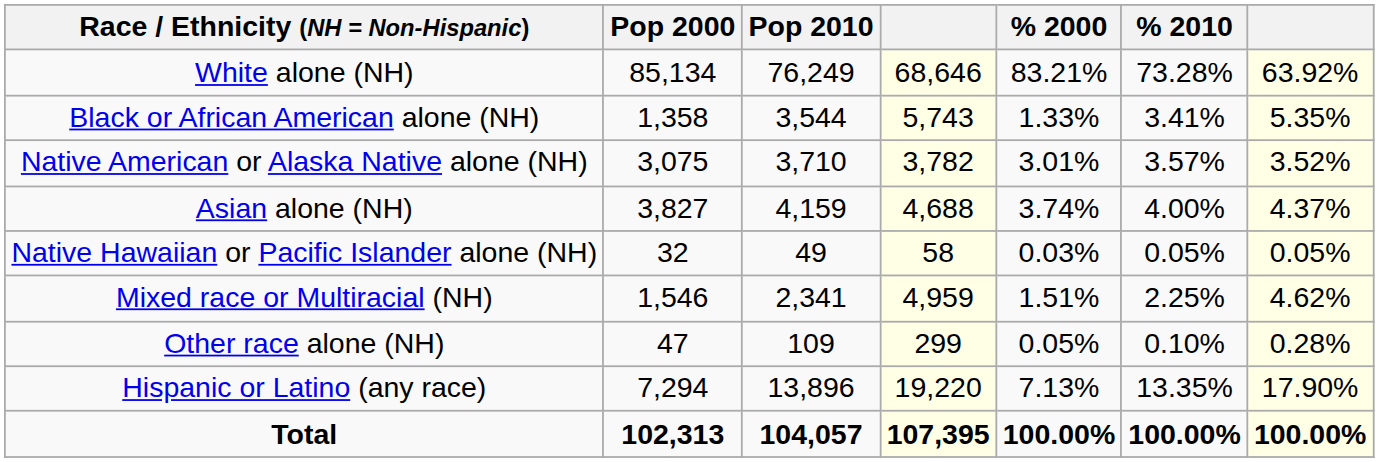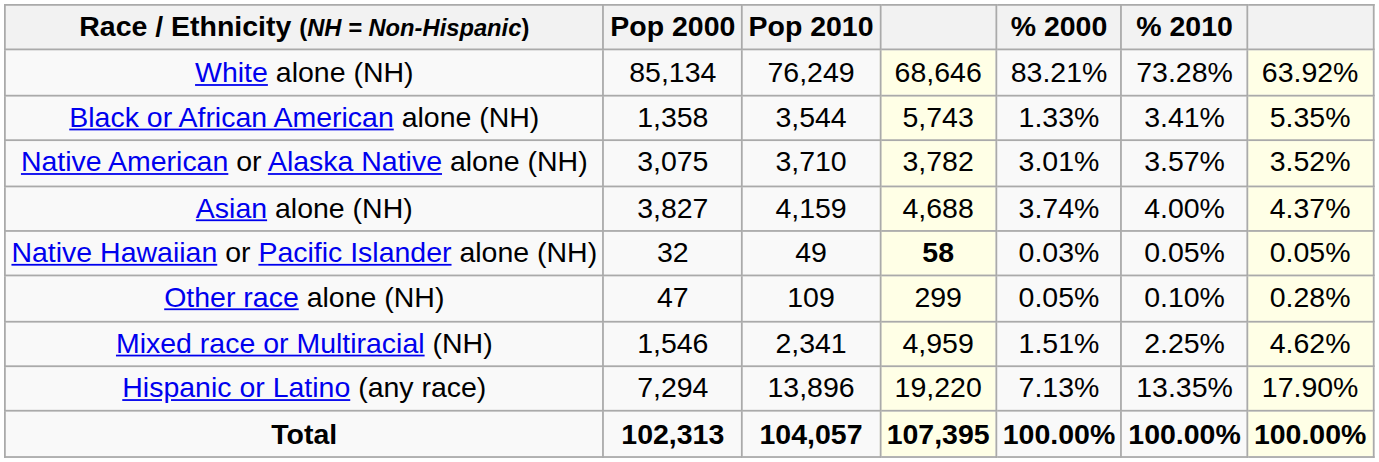 <table class="wikitable" style="text-align:center;">
 <tr>
 <th>Race / Ethnicity <small>(<em>NH = Non-Hispanic</em>)</small></th>
 <th>Pop 2000</th>
 <th>Pop 2010</th>
 <th></th>
 <th>% 2000</th>
 <th>% 2010</th>
 <th></th>
 </tr>
 <tr>
 <td><a href='#'>White</a> alone (NH)</td>
 <td>85,134</td>
 <td>76,249</td>
 <td style='background: #ffffe6;'>68,646</td>
 <td>83.21%</td>
 <td>73.28%</td>
 <td style='background: #ffffe6;'>63.92%</td>
 </tr>
 <tr>
 <td><a href='#'>Black or African American</a> alone (NH)</td>
 <td>1,358</td>
 <td>3,544</td>
 <td style='background: #ffffe6;'>5,743</td>
 <td>1.33%</td>
 <td>3.41%</td>
 <td style='background: #ffffe6;'>5.35%</td>
 </tr>
 <tr>
 <td><a href='#'>Native American</a> or <a href='#'>Alaska Native</a> alone (NH)</td>
 <td>3,075</td>
 <td>3,710</td>
 <td style='background: #ffffe6;'>3,782</td>
 <td>3.01%</td>
 <td>3.57%</td>
 <td style='background: #ffffe6;'>3.52%</td>
 </tr>
 <tr>
 <td><a href='#'>Asian</a> alone (NH)</td>
 <td>3,827</td>
 <td>4,159</td>
 <td style='background: #ffffe6;'>4,688</td>
 <td>3.74%</td>
 <td>4.00%</td>
 <td style='background: #ffffe6;'>4.37%</td>
 </tr>
 <tr>
 <td><a href='#'>Native Hawaiian</a> or <a href='#'>Pacific Islander</a> alone (NH)</td>
 <td>32</td>
 <td>49</td>
-<td style='background: #ffffe6;'>58</td>
+<td style='background: #ffffe6;'><strong>58</strong></td>
 <td>0.03%</td>
 <td>0.05%</td>
 <td style='background: #ffffe6;'>0.05%</td>
+</tr>
+<tr>
+<td><a href='#'>Other race</a> alone (NH)</td>
+<td>47</td>
+<td>109</td>
+<td style='background: #ffffe6;'>299</td>
+<td>0.05%</td>
+<td>0.10%</td>
+<td style='background: #ffffe6;'>0.28%</td>
 </tr>
 <tr>
 <td><a href='#'>Mixed race or Multiracial</a> (NH)</td>
 <td>1,546</td>
 <td>2,341</td>
 <td style='background: #ffffe6;'>4,959</td>
 <td>1.51%</td>
 <td>2.25%</td>
 <td style='background: #ffffe6;'>4.62%</td>
-</tr>
-<tr>
-<td><a href='#'>Other race</a> alone (NH)</td>
-<td>47</td>
-<td>109</td>
-<td style='background: #ffffe6;'>299</td>
-<td>0.05%</td>
-<td>0.10%</td>
-<td style='background: #ffffe6;'>0.28%</td>
 </tr>
 <tr>
 <td><a href='#'>Hispanic or Latino</a> (any race)</td>
 <td>7,294</td>
 <td>13,896</td>
 <td style='background: #ffffe6;'>19,220</td>
 <td>7.13%</td>
 <td>13.35%</td>
 <td style='background: #ffffe6;'>17.90%</td>
 </tr>
 <tr>
 <td><strong>Total</strong></td>
 <td><strong>102,313</strong></td>
 <td><strong>104,057</strong></td>
 <td style='background: #ffffe6;'><strong>107,395</strong></td>
 <td><strong>100.00%</strong></td>
 <td><strong>100.00%</strong></td>
 <td style='background: #ffffe6;'><strong>100.00%</strong></td>
 </tr>
 </table>
